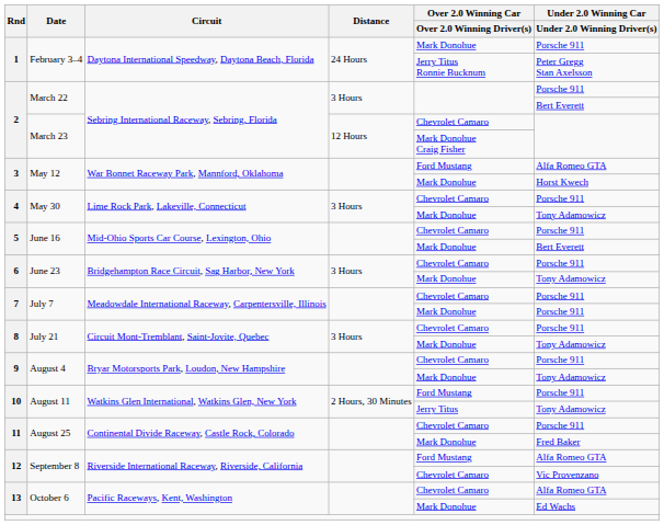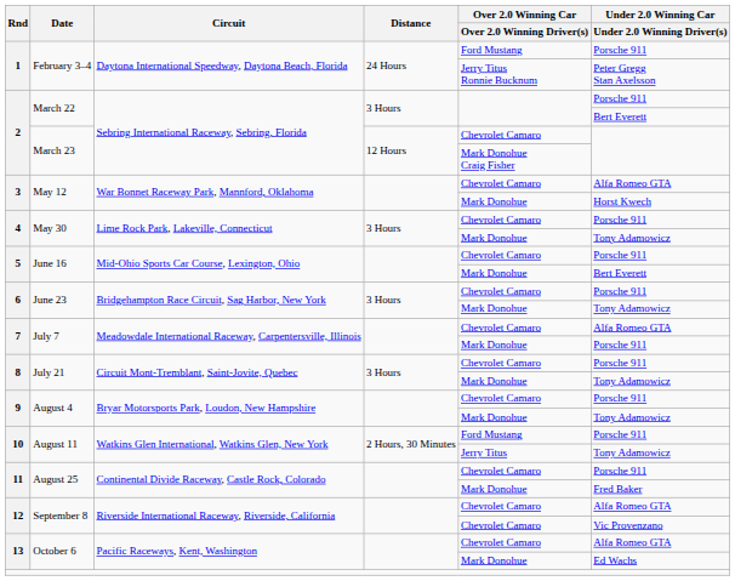 <table class="wikitable" style="font-size: 85%">
 <tr>
 <th rowspan=2>Rnd</th>
 <th rowspan=2>Date</th>
 <th rowspan=2>Circuit</th>
 <th rowspan=2>Distance</th>
 <th>Over 2.0 Winning Car</th>
 <th>Under 2.0 Winning Car</th>
 </tr>
 <tr>
 <th>Over 2.0 Winning Driver(s)</th>
 <th>Under 2.0 Winning Driver(s)</th>
 </tr>
 <tr>
 <th rowspan=2>1</th>
 <td rowspan=2>February 3–4</td>
 <td rowspan=2><a href='#'>Daytona International Speedway</a>, <a href='#'>Daytona Beach, Florida</a></td>
 <td rowspan=2>24 Hours<br></td>
-<td> <a href='#'>Mark Donohue</a></td>
+<td><a href='#'>Ford Mustang</a></td>
 <td><a href='#'>Porsche 911</a></td>
 </tr>
 <tr>
 <td> <a href='#'>Jerry Titus</a><br> <a href='#'>Ronnie Bucknum</a></td>
 <td> <a href='#'>Peter Gregg</a><br> <a href='#'>Stan Axelsson</a></td>
 </tr>
 <tr>
 <th rowspan=4>2</th>
 <td rowspan=2>March 22</td>
 <td rowspan=4><a href='#'>Sebring International Raceway</a>, <a href='#'>Sebring, Florida</a></td>
 <td rowspan=2>3 Hours<br></td>
 <td rowspan=2></td>
 <td><a href='#'>Porsche 911</a></td>
 </tr>
 <tr>
 <td> <a href='#'>Bert Everett</a></td>
 </tr>
 <tr>
 <td rowspan=2>March 23</td>
 <td rowspan=2>12 Hours<br></td>
 <td><a href='#'>Chevrolet Camaro</a></td>
 <td rowspan=2></td>
 </tr>
 <tr>
 <td> <a href='#'>Mark Donohue</a><br> <a href='#'>Craig Fisher</a></td>
 </tr>
 <tr>
 <th rowspan=2>3</th>
 <td rowspan=2>May 12</td>
 <td rowspan=2><a href='#'>War Bonnet Raceway Park</a>, <a href='#'>Mannford, Oklahoma</a></td>
 <td rowspan=2></td>
-<td><a href='#'>Ford Mustang</a></td>
+<td><a href='#'>Chevrolet Camaro</a></td>
 <td><a href='#'>Alfa Romeo GTA</a></td>
 </tr>
 <tr>
 <td> <a href='#'>Mark Donohue</a></td>
 <td> <a href='#'>Horst Kwech</a></td>
 </tr>
 <tr>
 <th rowspan=2>4</th>
 <td rowspan=2>May 30</td>
 <td rowspan=2><a href='#'>Lime Rock Park</a>, <a href='#'>Lakeville, Connecticut</a></td>
 <td rowspan=2>3 Hours<br></td>
 <td><a href='#'>Chevrolet Camaro</a></td>
 <td><a href='#'>Porsche 911</a></td>
 </tr>
 <tr>
 <td> <a href='#'>Mark Donohue</a></td>
 <td> <a href='#'>Tony Adamowicz</a></td>
 </tr>
 <tr>
 <th rowspan=2>5</th>
 <td rowspan=2>June 16</td>
 <td rowspan=2><a href='#'>Mid-Ohio Sports Car Course</a>, <a href='#'>Lexington, Ohio</a></td>
 <td rowspan=2></td>
 <td><a href='#'>Chevrolet Camaro</a></td>
 <td><a href='#'>Porsche 911</a></td>
 </tr>
 <tr>
 <td> <a href='#'>Mark Donohue</a></td>
 <td> <a href='#'>Bert Everett</a></td>
 </tr>
 <tr>
 <th rowspan=2>6</th>
 <td rowspan=2>June 23</td>
 <td rowspan=2><a href='#'>Bridgehampton Race Circuit</a>, <a href='#'>Sag Harbor, New York</a></td>
 <td rowspan=2>3 Hours<br></td>
 <td><a href='#'>Chevrolet Camaro</a></td>
 <td><a href='#'>Porsche 911</a></td>
 </tr>
 <tr>
 <td> <a href='#'>Mark Donohue</a></td>
 <td> <a href='#'>Tony Adamowicz</a></td>
 </tr>
 <tr>
 <th rowspan=2>7</th>
 <td rowspan=2>July 7</td>
 <td rowspan=2><a href='#'>Meadowdale International Raceway</a>, <a href='#'>Carpentersville, Illinois</a></td>
 <td rowspan=2></td>
 <td><a href='#'>Chevrolet Camaro</a></td>
-<td><a href='#'>Porsche 911</a></td>
+<td><a href='#'>Alfa Romeo GTA</a></td>
 </tr>
 <tr>
 <td> <a href='#'>Mark Donohue</a></td>
 <td><a href='#'>Porsche 911</a></td>
 </tr>
 <tr>
 <th rowspan=2>8</th>
 <td rowspan=2>July 21</td>
 <td rowspan=2><a href='#'>Circuit Mont-Tremblant</a>, <a href='#'>Saint-Jovite, Quebec</a></td>
 <td rowspan=2>3 Hours<br></td>
 <td><a href='#'>Chevrolet Camaro</a></td>
 <td><a href='#'>Porsche 911</a></td>
 </tr>
 <tr>
 <td> <a href='#'>Mark Donohue</a></td>
 <td> <a href='#'>Tony Adamowicz</a></td>
 </tr>
 <tr>
 <th rowspan=2>9</th>
 <td rowspan=2>August 4</td>
 <td rowspan=2><a href='#'>Bryar Motorsports Park</a>, <a href='#'>Loudon, New Hampshire</a></td>
 <td rowspan=2></td>
 <td><a href='#'>Chevrolet Camaro</a></td>
 <td><a href='#'>Porsche 911</a></td>
 </tr>
 <tr>
 <td> <a href='#'>Mark Donohue</a></td>
 <td> <a href='#'>Tony Adamowicz</a></td>
 </tr>
 <tr>
 <th rowspan=2>10</th>
 <td rowspan=2>August 11</td>
 <td rowspan=2><a href='#'>Watkins Glen International</a>, <a href='#'>Watkins Glen, New York</a></td>
 <td rowspan=2>2 Hours, 30 Minutes<br></td>
 <td><a href='#'>Ford Mustang</a></td>
 <td><a href='#'>Porsche 911</a></td>
 </tr>
 <tr>
 <td> <a href='#'>Jerry Titus</a></td>
 <td> <a href='#'>Tony Adamowicz</a></td>
 </tr>
 <tr>
 <th rowspan=2>11</th>
 <td rowspan=2>August 25</td>
 <td rowspan=2><a href='#'>Continental Divide Raceway</a>, <a href='#'>Castle Rock, Colorado</a></td>
 <td rowspan=2></td>
 <td><a href='#'>Chevrolet Camaro</a></td>
 <td><a href='#'>Porsche 911</a></td>
 </tr>
 <tr>
 <td> <a href='#'>Mark Donohue</a></td>
 <td> <a href='#'>Fred Baker</a></td>
 </tr>
 <tr>
 <th rowspan=2>12</th>
 <td rowspan=2>September 8</td>
 <td rowspan=2><a href='#'>Riverside International Raceway</a>, <a href='#'>Riverside, California</a></td>
 <td rowspan=2></td>
-<td><a href='#'>Ford Mustang</a></td>
+<td><a href='#'>Chevrolet Camaro</a></td>
 <td><a href='#'>Alfa Romeo GTA</a></td>
 </tr>
 <tr>
 <td><a href='#'>Chevrolet Camaro</a></td>
 <td> <a href='#'>Vic Provenzano</a></td>
 </tr>
 <tr>
 <th rowspan=2>13</th>
 <td rowspan=2>October 6</td>
 <td rowspan=2><a href='#'>Pacific Raceways</a>, <a href='#'>Kent, Washington</a></td>
 <td rowspan=2></td>
 <td><a href='#'>Chevrolet Camaro</a></td>
 <td><a href='#'>Alfa Romeo GTA</a></td>
 </tr>
 <tr>
 <td> <a href='#'>Mark Donohue</a></td>
 <td> <a href='#'>Ed Wachs</a></td>
 </tr>
 <tr>
 <td style="text-align:center;" colspan=6></td>
 </tr>
 </table>
